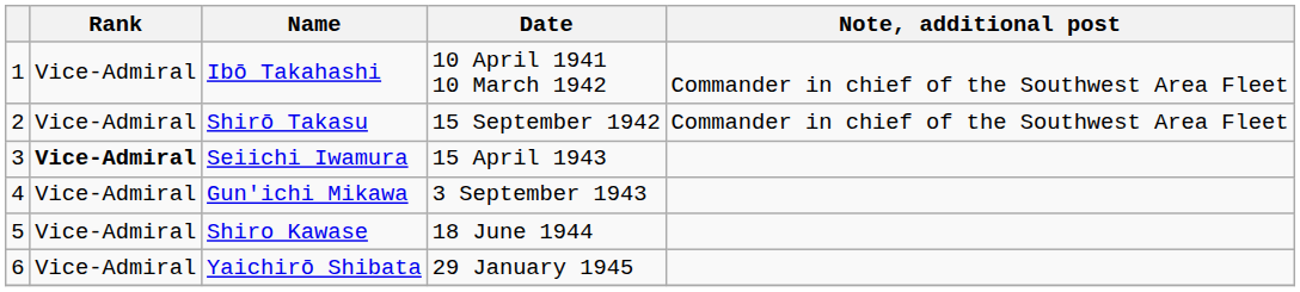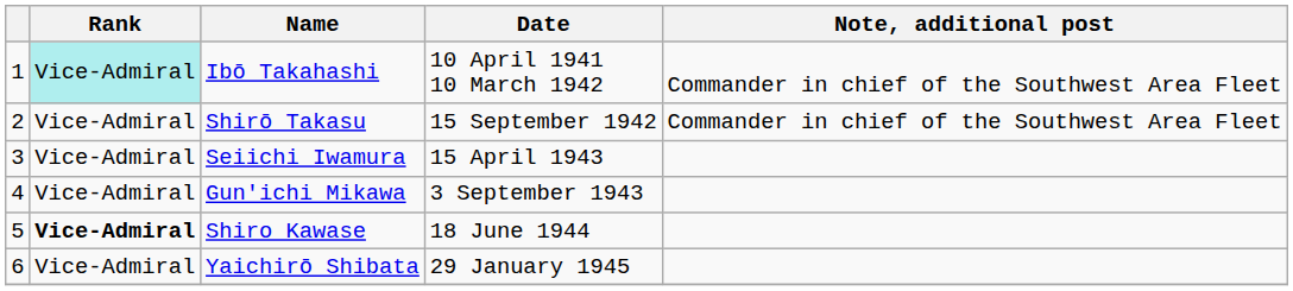 <table class=wikitable>
 <tr>
 <th></th>
 <th>Rank</th>
 <th>Name</th>
 <th>Date</th>
 <th>Note, additional post</th>
 </tr>
 <tr>
 <td>1</td>
-<td>Vice-Admiral</td>
+<td style="background: paleturquoise;">Vice-Admiral</td>
 <td><a href='#'>Ibō Takahashi</a></td>
 <td>10 April 1941<br>10 March 1942</td>
 <td><br>Commander in chief of the Southwest Area Fleet</td>
 </tr>
 <tr>
 <td>2</td>
 <td>Vice-Admiral</td>
 <td><a href='#'>Shirō Takasu</a></td>
 <td>15 September 1942</td>
 <td>Commander in chief of the Southwest Area Fleet</td>
 </tr>
 <tr>
 <td>3</td>
-<td><strong>Vice-Admiral</strong></td>
+<td>Vice-Admiral</td>
 <td><a href='#'>Seiichi Iwamura</a></td>
 <td>15 April 1943</td>
 <td></td>
 </tr>
 <tr>
 <td>4</td>
 <td>Vice-Admiral</td>
 <td><a href='#'>Gun'ichi Mikawa</a></td>
 <td>3 September 1943</td>
 <td></td>
 </tr>
 <tr>
 <td>5</td>
-<td>Vice-Admiral</td>
+<td><strong>Vice-Admiral</strong></td>
 <td><a href='#'>Shiro Kawase</a></td>
 <td>18 June 1944</td>
 <td></td>
 </tr>
 <tr>
 <td>6</td>
 <td>Vice-Admiral</td>
 <td><a href='#'>Yaichirō Shibata</a></td>
 <td>29 January 1945</td>
 <td></td>
 </tr>
 <tr>
 </tr>
 </table>
